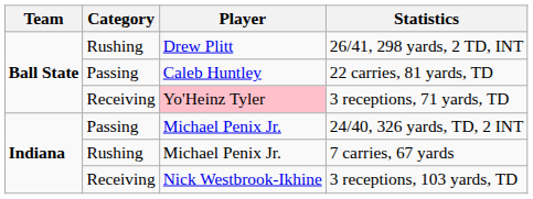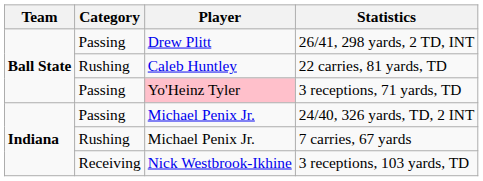 <table class="wikitable" style="float: right;">
 <tr>
 <th>Team</th>
 <th>Category</th>
 <th>Player</th>
 <th>Statistics</th>
 </tr>
 <tr>
 <td rowspan=3><strong>Ball State</strong></td>
-<td>Rushing</td>
+<td>Passing</td>
 <td><a href='#'>Drew Plitt</a></td>
 <td>26/41, 298 yards, 2 TD, INT</td>
 </tr>
 <tr>
-<td>Passing</td>
+<td>Rushing</td>
 <td><a href='#'>Caleb Huntley</a></td>
 <td>22 carries, 81 yards, TD</td>
 </tr>
 <tr>
-<td>Receiving</td>
+<td>Passing</td>
 <td style="background: pink;">Yo'Heinz Tyler</td>
 <td>3 receptions, 71 yards, TD</td>
 </tr>
 <tr>
 <td rowspan=3><strong>Indiana</strong></td>
 <td>Passing</td>
 <td><a href='#'>Michael Penix Jr.</a></td>
 <td>24/40, 326 yards, TD, 2 INT</td>
 </tr>
 <tr>
 <td>Rushing</td>
 <td>Michael Penix Jr.</td>
 <td>7 carries, 67 yards</td>
 </tr>
 <tr>
 <td>Receiving</td>
 <td><a href='#'>Nick Westbrook-Ikhine</a></td>
 <td>3 receptions, 103 yards, TD</td>
 </tr>
 </table>
